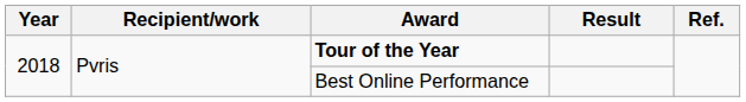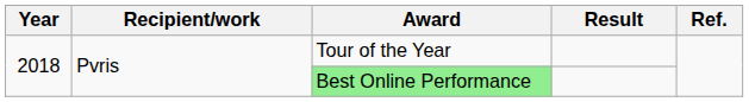 <table class="wikitable plainrowheaders">
 <tr>
 <th scope="col" style="width:3em;">Year</th>
 <th scope="col" style="width:12em;">Recipient/work</th>
 <th scope="col" style="width:12em;">Award</th>
 <th scope="col" style="width:6em;">Result</th>
 <th scope="col" style="width:3em;">Ref.</th>
 </tr>
 <tr>
 <td align="center" rowspan="2">2018</td>
 <td rowspan="2">Pvris </td>
-<td><strong>Tour of the Year</strong></td>
+<td>Tour of the Year</td>
 <td></td>
 <td align="center" rowspan="2"></td>
 </tr>
 <tr>
-<td>Best Online Performance</td>
+<td style="background: lightgreen;">Best Online Performance</td>
 <td></td>
 </tr>
 </table>
